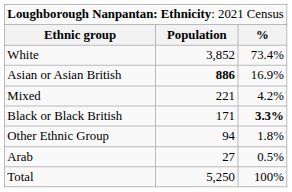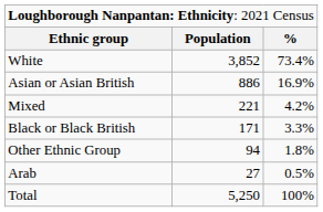 <table class="wikitable">
 <tr>
 <td colspan="14" style="text-align:right;"><strong>Loughborough Nanpantan: Ethnicity</strong>: 2021 Census</td>
 </tr>
 <tr>
 <th>Ethnic group</th>
 <th>Population</th>
 <th>%</th>
 </tr>
 <tr>
 <td>White</td>
 <td style="text-align:right;">3,852</td>
 <td style="text-align:right;">73.4%</td>
 </tr>
 <tr>
 <td>Asian or Asian British</td>
-<td style="text-align:right;"><strong>886</strong></td>
+<td style="text-align:right;">886</td>
 <td style="text-align:right;">16.9%</td>
 </tr>
 <tr>
 <td>Mixed</td>
 <td style="text-align:right;">221</td>
 <td style="text-align:right;">4.2%</td>
 </tr>
 <tr>
 <td>Black or Black British</td>
 <td style="text-align:right;">171</td>
-<td style="text-align:right;"><strong>3.3%</strong></td>
+<td style="text-align:right;">3.3%</td>
 </tr>
 <tr>
 <td>Other Ethnic Group</td>
 <td style="text-align:right;">94</td>
 <td style="text-align:right;">1.8%</td>
 </tr>
 <tr>
 <td>Arab</td>
 <td style="text-align:right;">27</td>
 <td style="text-align:right;">0.5%</td>
 </tr>
 <tr>
 <td>Total</td>
 <td style="text-align:right;">5,250</td>
 <td style="text-align:right;">100%</td>
 </tr>
 </table>
